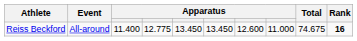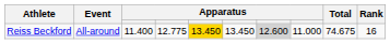 <table class="wikitable" style="font-size:90%">
 <tr>
 <th rowspan=2>Athlete</th>
 <th rowspan=2>Event</th>
 <th colspan=6>Apparatus</th>
 <th rowspan=2>Total</th>
 <th rowspan=2>Rank</th>
 </tr>
 <tr style="font-size:95%">
 <th></th>
 <th></th>
 <th></th>
 <th></th>
 <th></th>
 <th></th>
 </tr>
 <tr align=center>
 <td align=left><a href='#'>Reiss Beckford</a></td>
 <td align=left><a href='#'>All-around</a></td>
 <td>11.400</td>
 <td>12.775</td>
+<td style="background: gold;">13.450</td>
 <td>13.450</td>
-<td>13.450</td>
-<td>12.600</td>
+<td style="background: lightgrey;">12.600</td>
 <td>11.000</td>
 <td>74.675</td>
-<td><strong>16</strong></td>
+<td>16</td>
 </tr>
 </table>
